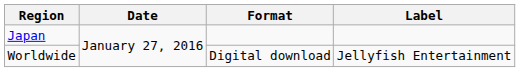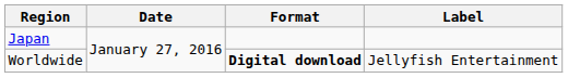 <table class = "wikitable">
 <tr>
 <th>Region</th>
 <th>Date</th>
 <th>Format</th>
 <th>Label</th>
 </tr>
 <tr>
 <td><a href='#'>Japan</a></td>
 <td rowspan=2>January 27, 2016</td>
 <td></td>
 <td></td>
 </tr>
 <tr>
 <td>Worldwide</td>
-<td>Digital download</td>
+<td><strong>Digital download</strong></td>
 <td>Jellyfish Entertainment</td>
 </tr>
 </table>
